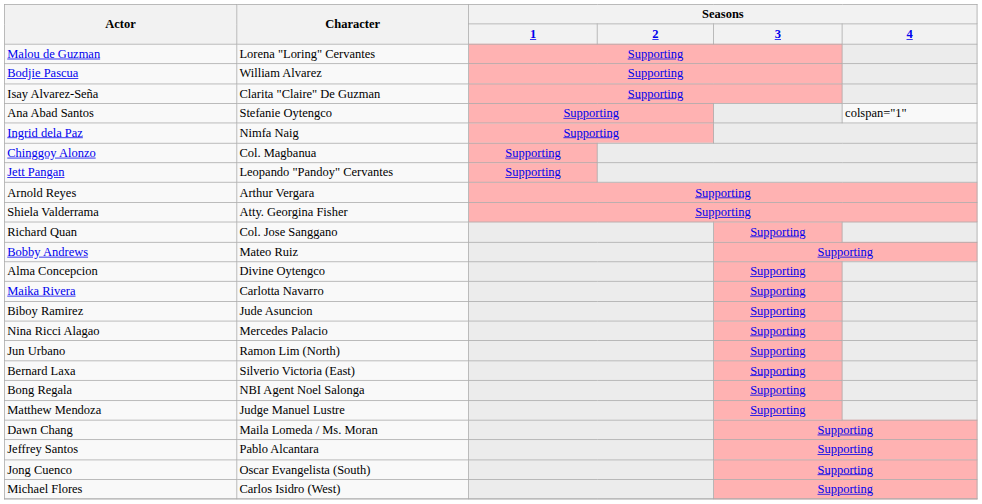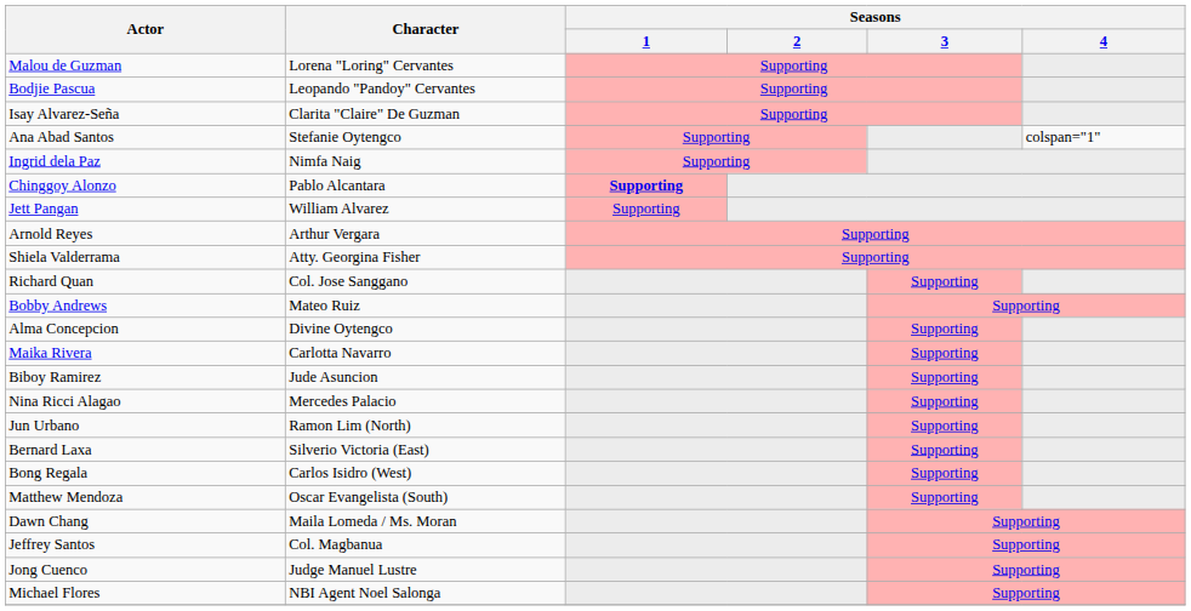 <table class="wikitable">
 <tr>
 <th style="width:10%;" rowspan="2">Actor</th>
 <th style="width:10%;" rowspan="2">Character</th>
 <th colspan="12">Seasons</th>
 </tr>
 <tr>
 <th style="width:5%;"><a href='#'>1</a></th>
 <th style="width:5%;"><a href='#'>2</a></th>
 <th style="width:5%;"><a href='#'>3</a></th>
 <th style="width:5%;"><a href='#'>4</a></th>
 </tr>
 <tr>
 <td><a href='#'>Malou de Guzman</a></td>
 <td>Lorena "Loring" Cervantes</td>
 <td colspan="3" style="background: #ffb2b2"  align="center"><a href='#'>Supporting</a></td>
 <td colspan="1" style="Background: #ececec; color: grey; vertical-align: middle; text-align: center; " class="table-na"></td>
 </tr>
 <tr>
 <td><a href='#'>Bodjie Pascua</a></td>
-<td>William Alvarez</td>
+<td>Leopando "Pandoy" Cervantes</td>
 <td colspan="3" style="background: #ffb2b2"  align="center"><a href='#'>Supporting</a></td>
 <td colspan="1" style="Background: #ececec; color: grey; vertical-align: middle; text-align: center; " class="table-na"></td>
 </tr>
 <tr>
 <td>Isay Alvarez-Seña</td>
 <td>Clarita "Claire" De Guzman</td>
 <td colspan="3" style="background: #ffb2b2"  align="center"><a href='#'>Supporting</a></td>
 <td colspan="1" style="Background: #ececec; color: grey; vertical-align: middle; text-align: center; " class="table-na"></td>
 </tr>
 <tr>
 <td>Ana Abad Santos</td>
 <td>Stefanie Oytengco</td>
 <td colspan="2" style="background: #ffb2b2"  align="center"><a href='#'>Supporting</a></td>
 <td colspan="1" style="Background: #ececec; color: grey; vertical-align: middle; text-align: center; " class="table-na"></td>
 <td>colspan="1" </td>
 </tr>
 <tr>
 <td><a href='#'>Ingrid dela Paz</a></td>
 <td>Nimfa Naig</td>
 <td colspan="2" style="background: #ffb2b2"  align="center"><a href='#'>Supporting</a></td>
 <td colspan="2" style="Background: #ececec; color: grey; vertical-align: middle; text-align: center; " class="table-na"></td>
 </tr>
 <tr>
 <td><a href='#'>Chinggoy Alonzo</a></td>
-<td>Col. Magbanua</td>
-<td colspan="1" style="background: #ffb2b2"  align="center"><a href='#'>Supporting</a></td>
+<td>Pablo Alcantara</td>
+<td colspan="1" style="background: #ffb2b2"  align="center"><strong><a href='#'>Supporting</a></strong></td>
 <td colspan="3" style="Background: #ececec; color: grey; vertical-align: middle; text-align: center; " class="table-na"></td>
 </tr>
 <tr>
 <td><a href='#'>Jett Pangan</a></td>
-<td>Leopando "Pandoy" Cervantes</td>
+<td>William Alvarez</td>
 <td colspan="1" style="background: #ffb2b2"  align="center"><a href='#'>Supporting</a></td>
 <td colspan="3" style="Background: #ececec; color: grey; vertical-align: middle; text-align: center; " class="table-na"></td>
 </tr>
 <tr>
 <td>Arnold Reyes</td>
 <td>Arthur Vergara</td>
 <td colspan="4" style="background: #ffb2b2"  align="center"><a href='#'>Supporting</a></td>
 </tr>
 <tr>
 <td>Shiela Valderrama</td>
 <td>Atty. Georgina Fisher</td>
 <td colspan="4" style="background: #ffb2b2"  align="center"><a href='#'>Supporting</a></td>
 </tr>
 <tr>
 <td>Richard Quan</td>
 <td>Col. Jose Sanggano</td>
 <td colspan="2" style="Background: #ececec; color: grey; vertical-align: middle; text-align: center; " class="table-na"></td>
 <td colspan="1" style="background: #ffb2b2"  align="center"><a href='#'>Supporting</a></td>
 <td colspan="1" style="Background: #ececec; color: grey; vertical-align: middle; text-align: center; " class="table-na"></td>
 </tr>
 <tr>
 <td><a href='#'>Bobby Andrews</a></td>
 <td>Mateo Ruiz</td>
 <td colspan="2" style="Background: #ececec; color: grey; vertical-align: middle; text-align: center; " class="table-na"></td>
 <td colspan="2" style="background: #ffb2b2"  align="center"><a href='#'>Supporting</a></td>
 </tr>
 <tr>
 <td>Alma Concepcion</td>
 <td>Divine Oytengco</td>
 <td colspan="2" style="Background: #ececec; color: grey; vertical-align: middle; text-align: center; " class="table-na"></td>
 <td colspan="1" style="background: #ffb2b2"  align="center"><a href='#'>Supporting</a></td>
 <td colspan="1" style="Background: #ececec; color: grey; vertical-align: middle; text-align: center; " class="table-na"></td>
 </tr>
 <tr>
 <td><a href='#'>Maika Rivera</a></td>
 <td>Carlotta Navarro</td>
 <td colspan="2" style="Background: #ececec; color: grey; vertical-align: middle; text-align: center; " class="table-na"></td>
 <td colspan="1" style="background: #ffb2b2"  align="center"><a href='#'>Supporting</a></td>
 <td colspan="1" style="Background: #ececec; color: grey; vertical-align: middle; text-align: center; " class="table-na"></td>
 </tr>
 <tr>
 <td>Biboy Ramirez</td>
 <td>Jude Asuncion</td>
 <td colspan="2" style="Background: #ececec; color: grey; vertical-align: middle; text-align: center; " class="table-na"></td>
 <td colspan="1" style="background: #ffb2b2"  align="center"><a href='#'>Supporting</a></td>
 <td colspan="1" style="Background: #ececec; color: grey; vertical-align: middle; text-align: center; " class="table-na"></td>
 </tr>
 <tr>
 <td>Nina Ricci Alagao</td>
 <td>Mercedes Palacio</td>
 <td colspan="2" style="Background: #ececec; color: grey; vertical-align: middle; text-align: center; " class="table-na"></td>
 <td colspan="1" style="background: #ffb2b2"  align="center"><a href='#'>Supporting</a></td>
 <td colspan="1" style="Background: #ececec; color: grey; vertical-align: middle; text-align: center; " class="table-na"></td>
 </tr>
 <tr>
 <td>Jun Urbano</td>
 <td>Ramon Lim (North)</td>
 <td colspan="2" style="Background: #ececec; color: grey; vertical-align: middle; text-align: center; " class="table-na"></td>
 <td colspan="1" style="background: #ffb2b2"  align="center"><a href='#'>Supporting</a></td>
 <td colspan="1" style="Background: #ececec; color: grey; vertical-align: middle; text-align: center; " class="table-na"></td>
 </tr>
 <tr>
 <td>Bernard Laxa</td>
 <td>Silverio Victoria (East)</td>
 <td colspan="2" style="Background: #ececec; color: grey; vertical-align: middle; text-align: center; " class="table-na"></td>
 <td colspan="1" style="background: #ffb2b2"  align="center"><a href='#'>Supporting</a></td>
 <td colspan="1" style="Background: #ececec; color: grey; vertical-align: middle; text-align: center; " class="table-na"></td>
 </tr>
 <tr>
 <td>Bong Regala</td>
-<td>NBI Agent Noel Salonga</td>
+<td>Carlos Isidro (West)</td>
 <td colspan="2" style="Background: #ececec; color: grey; vertical-align: middle; text-align: center; " class="table-na"></td>
 <td colspan="1" style="background: #ffb2b2"  align="center"><a href='#'>Supporting</a></td>
 <td colspan="1" style="Background: #ececec; color: grey; vertical-align: middle; text-align: center; " class="table-na"></td>
 </tr>
 <tr>
 <td>Matthew Mendoza</td>
-<td>Judge Manuel Lustre</td>
+<td>Oscar Evangelista (South)</td>
 <td colspan="2" style="Background: #ececec; color: grey; vertical-align: middle; text-align: center; " class="table-na"></td>
 <td colspan="1" style="background: #ffb2b2"  align="center"><a href='#'>Supporting</a></td>
 <td colspan="1" style="Background: #ececec; color: grey; vertical-align: middle; text-align: center; " class="table-na"></td>
 </tr>
 <tr>
 <td>Dawn Chang</td>
 <td>Maila Lomeda / Ms. Moran</td>
 <td colspan="2" style="background: #ececec; color: grey; vertical-align: middle; text-align: center; " class="table-na"></td>
 <td colspan="2" style="background: #ffb2b2"  align="center"><a href='#'>Supporting</a></td>
 </tr>
 <tr>
 <td>Jeffrey Santos</td>
-<td>Pablo Alcantara</td>
+<td>Col. Magbanua</td>
 <td colspan="2" style="background: #ececec; color: grey; vertical-align: middle; text-align: center; " class="table-na"></td>
 <td colspan="2" style="background: #ffb2b2"  align="center"><a href='#'>Supporting</a></td>
 </tr>
 <tr>
 <td>Jong Cuenco</td>
-<td>Oscar Evangelista (South)</td>
+<td>Judge Manuel Lustre</td>
 <td colspan="2" style="background: #ececec; color: grey; vertical-align: middle; text-align: center; " class="table-na"></td>
 <td colspan="2" style="background: #ffb2b2"  align="center"><a href='#'>Supporting</a></td>
 </tr>
 <tr>
 <td>Michael Flores</td>
-<td>Carlos Isidro (West)</td>
+<td>NBI Agent Noel Salonga</td>
 <td colspan="2" style="background: #ececec; color: grey; vertical-align: middle; text-align: center; " class="table-na"></td>
 <td colspan="2" style="background: #ffb2b2"  align="center"><a href='#'>Supporting</a></td>
 </tr>
 <tr>
 </tr>
 </table>
